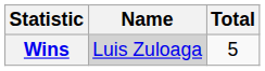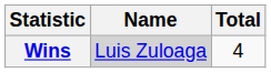 <table class="wikitable plainrowheaders">
 <tr>
 <th scope="col">Statistic</th>
 <th scope="col">Name</th>
 <th scope="col">Total</th>
 </tr>
 <tr>
 <th scope="row"><a href='#'>Wins</a></th>
 <td style="background: lightgrey;"> <a href='#'>Luis Zuloaga</a></td>
-<td align=center>5</td>
+<td align=center>4</td>
 </tr>
 </table>
